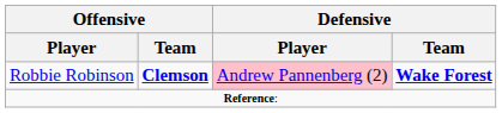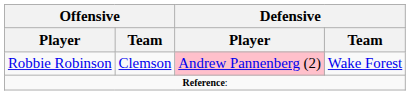 <table class="wikitable" style="text-align: center;">
 <tr>
 <th colspan="2">Offensive</th>
 <th colspan="2">Defensive</th>
 </tr>
 <tr>
 <th>Player</th>
 <th>Team</th>
 <th>Player</th>
 <th>Team</th>
 </tr>
 <tr>
 <td><a href='#'>Robbie Robinson</a></td>
-<td><strong><a href='#'>Clemson</a></strong></td>
+<td><a href='#'>Clemson</a></td>
 <td style="background: pink;"><a href='#'>Andrew Pannenberg</a> (2)</td>
-<td><strong><a href='#'>Wake Forest</a></strong></td>
+<td><a href='#'>Wake Forest</a></td>
 </tr>
 <tr>
 <td colspan="12"  style="font-size:8pt; text-align:center;"><strong>Reference</strong>:</td>
 </tr>
 </table>
